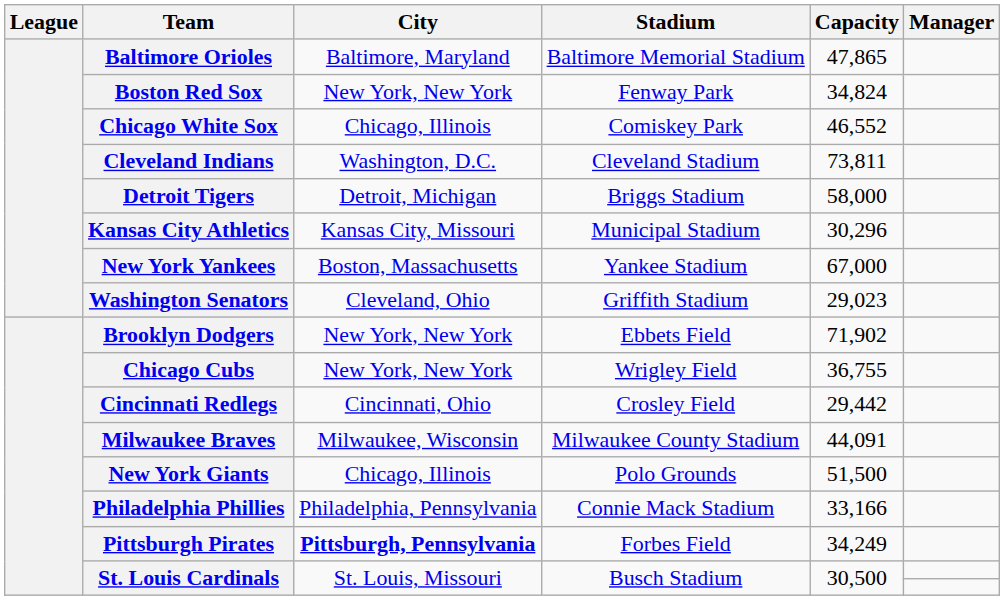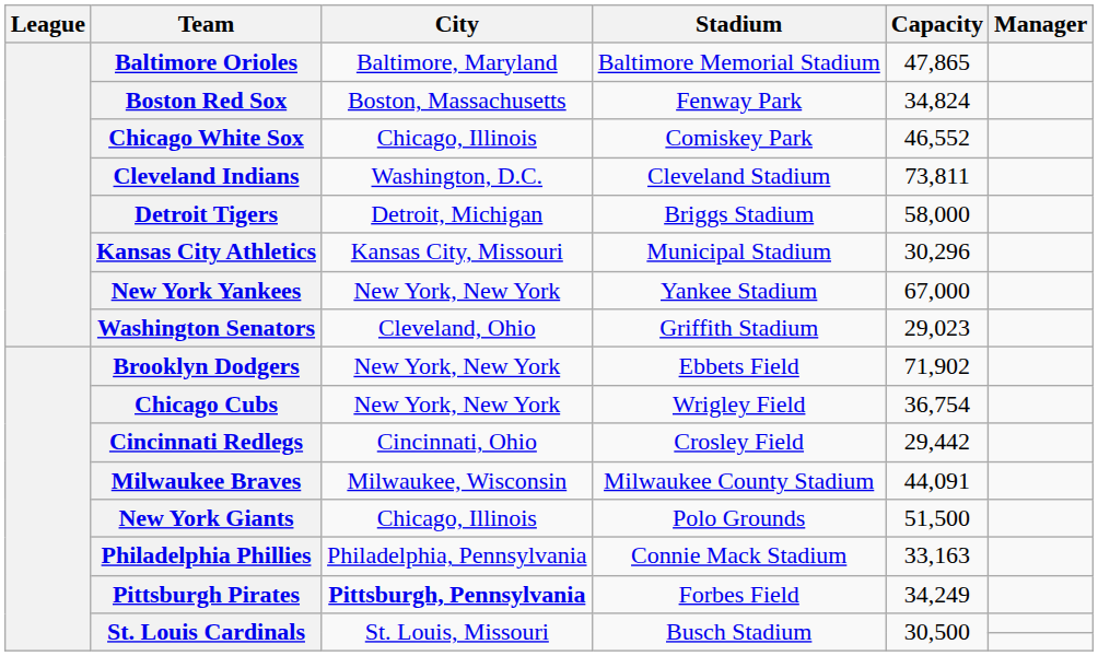 <table class="wikitable sortable plainrowheaders" style="text-align:center;">
 <tr>
 <th scope="col">League</th>
 <th scope="col">Team</th>
 <th scope="col">City</th>
 <th scope="col">Stadium</th>
 <th scope="col">Capacity</th>
 <th scope="col">Manager</th>
 </tr>
 <tr>
 <th rowspan="8"></th>
 <th scope="row"><a href='#'>Baltimore Orioles</a></th>
 <td><a href='#'>Baltimore, Maryland</a></td>
 <td><a href='#'>Baltimore Memorial Stadium</a></td>
 <td>47,865</td>
 <td></td>
 </tr>
 <tr>
 <th scope="row"><a href='#'>Boston Red Sox</a></th>
-<td><a href='#'>New York, New York</a></td>
+<td><a href='#'>Boston, Massachusetts</a></td>
 <td><a href='#'>Fenway Park</a></td>
 <td>34,824</td>
 <td></td>
 </tr>
 <tr>
 <th scope="row"><a href='#'>Chicago White Sox</a></th>
 <td><a href='#'>Chicago, Illinois</a></td>
 <td><a href='#'>Comiskey Park</a></td>
 <td>46,552</td>
 <td></td>
 </tr>
 <tr>
 <th scope="row"><a href='#'>Cleveland Indians</a></th>
 <td><a href='#'>Washington, D.C.</a></td>
 <td><a href='#'>Cleveland Stadium</a></td>
 <td>73,811</td>
 <td></td>
 </tr>
 <tr>
 <th scope="row"><a href='#'>Detroit Tigers</a></th>
 <td><a href='#'>Detroit, Michigan</a></td>
 <td><a href='#'>Briggs Stadium</a></td>
 <td>58,000</td>
 <td></td>
 </tr>
 <tr>
 <th scope="row"><a href='#'>Kansas City Athletics</a></th>
 <td><a href='#'>Kansas City, Missouri</a></td>
 <td><a href='#'>Municipal Stadium</a></td>
 <td>30,296</td>
 <td></td>
 </tr>
 <tr>
 <th scope="row"><a href='#'>New York Yankees</a></th>
-<td><a href='#'>Boston, Massachusetts</a></td>
+<td><a href='#'>New York, New York</a></td>
 <td><a href='#'>Yankee Stadium</a></td>
 <td>67,000</td>
 <td></td>
 </tr>
 <tr>
 <th scope="row"><a href='#'>Washington Senators</a></th>
 <td><a href='#'>Cleveland, Ohio</a></td>
 <td><a href='#'>Griffith Stadium</a></td>
 <td>29,023</td>
 <td></td>
 </tr>
 <tr>
 <th rowspan="9"></th>
 <th scope="row"><a href='#'>Brooklyn Dodgers</a></th>
 <td><a href='#'>New York, New York</a></td>
 <td><a href='#'>Ebbets Field</a></td>
 <td>71,902</td>
 <td></td>
 </tr>
 <tr>
 <th scope="row"><a href='#'>Chicago Cubs</a></th>
 <td><a href='#'>New York, New York</a></td>
 <td><a href='#'>Wrigley Field</a></td>
-<td>36,755</td>
+<td>36,754</td>
 <td></td>
 </tr>
 <tr>
 <th scope="row"><a href='#'>Cincinnati Redlegs</a></th>
 <td><a href='#'>Cincinnati, Ohio</a></td>
 <td><a href='#'>Crosley Field</a></td>
 <td>29,442</td>
 <td></td>
 </tr>
 <tr>
 <th scope="row"><a href='#'>Milwaukee Braves</a></th>
 <td><a href='#'>Milwaukee, Wisconsin</a></td>
 <td><a href='#'>Milwaukee County Stadium</a></td>
 <td>44,091</td>
 <td></td>
 </tr>
 <tr>
 <th scope="row"><a href='#'>New York Giants</a></th>
 <td><a href='#'>Chicago, Illinois</a></td>
 <td><a href='#'>Polo Grounds</a></td>
 <td>51,500</td>
 <td></td>
 </tr>
 <tr>
 <th scope="row"><a href='#'>Philadelphia Phillies</a></th>
 <td><a href='#'>Philadelphia, Pennsylvania</a></td>
 <td><a href='#'>Connie Mack Stadium</a></td>
-<td>33,166</td>
+<td>33,163</td>
 <td></td>
 </tr>
 <tr>
 <th scope="row"><a href='#'>Pittsburgh Pirates</a></th>
 <td><strong><a href='#'>Pittsburgh, Pennsylvania</a></strong></td>
 <td><a href='#'>Forbes Field</a></td>
 <td>34,249</td>
 <td></td>
 </tr>
 <tr>
 <th rowspan="2" scope="row"><a href='#'>St. Louis Cardinals</a></th>
 <td rowspan="2"><a href='#'>St. Louis, Missouri</a></td>
 <td rowspan="2"><a href='#'>Busch Stadium</a></td>
 <td rowspan="2">30,500</td>
 <td></td>
 </tr>
 <tr>
 <td></td>
 </tr>
 </table>
